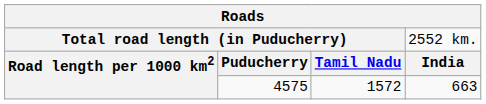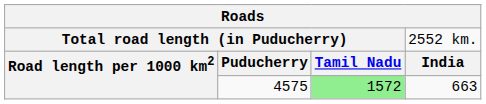 <table class="wikitable">
 <tr align="center" valign="bottom">
 <th width="137.25" Height="12.75"  colspan="4">Roads</th>
 </tr>
 <tr>
 <th Height="12.75" valign="bottom" colspan="3">Total road length (in Puducherry)</th>
 <td valign="bottom">2552 km.</td>
 </tr>
 <tr>
 <th Height="12.75"  valign="top" rowspan="2">Road length per 1000 km<sup>2</sup></th>
 <th align="center" valign="bottom">Puducherry</th>
 <th align="center" valign="bottom"><a href='#'>Tamil Nadu</a></th>
 <th align="center" valign="bottom">India</th>
 </tr>
 <tr>
 <td align="right" valign="bottom">4575</td>
-<td align="right" valign="bottom">1572</td>
+<td align="right" valign="bottom" style="background: lightgreen;">1572</td>
 <td align="right" valign="bottom">663</td>
 </tr>
 </table>
